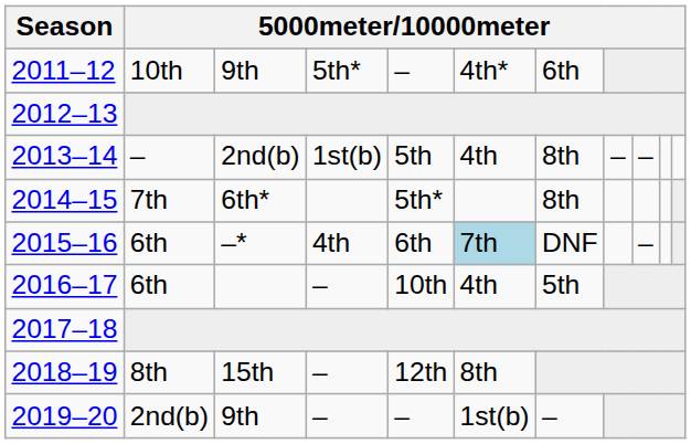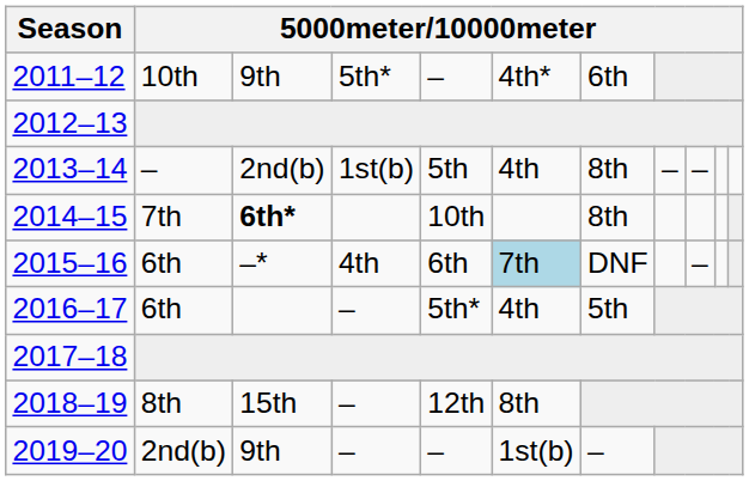 <table class="wikitable" style="display: inline-table;">
 <tr>
 <th>Season</th>
 <th colspan="14">5000meter/10000meter</th>
 </tr>
 <tr>
 <td><a href='#'>2011–12</a></td>
 <td>10th</td>
 <td>9th</td>
 <td>5th*</td>
 <td>–</td>
 <td>4th*</td>
 <td>6th</td>
 <td colspan="4" bgcolor=#EEEEEE></td>
 </tr>
 <tr>
 <td><a href='#'>2012–13</a></td>
 <td colspan="10" bgcolor=#EEEEEE></td>
 </tr>
 <tr>
 <td><a href='#'>2013–14</a></td>
 <td>–</td>
 <td>2nd(b)</td>
 <td>1st(b)</td>
 <td>5th</td>
 <td>4th</td>
 <td>8th</td>
 <td>–</td>
 <td>–</td>
 <td></td>
 <td></td>
 </tr>
 <tr>
 <td><a href='#'>2014–15</a></td>
 <td>7th</td>
-<td>6th*</td>
+<td><strong>6th*</strong></td>
 <td></td>
-<td>5th*</td>
+<td>10th</td>
 <td></td>
 <td>8th</td>
 <td></td>
 <td></td>
 <td></td>
 <td colspan="1" bgcolor=#EEEEEE></td>
 </tr>
 <tr>
 <td><a href='#'>2015–16</a></td>
 <td>6th</td>
 <td>–*</td>
 <td>4th</td>
 <td>6th</td>
 <td style="background: lightblue;">7th</td>
 <td>DNF</td>
 <td></td>
 <td>–</td>
 <td></td>
 <td colspan="1" bgcolor=#EEEEEE></td>
 </tr>
 <tr>
 <td><a href='#'>2016–17</a></td>
 <td>6th</td>
 <td></td>
 <td>–</td>
-<td>10th</td>
+<td>5th*</td>
 <td>4th</td>
 <td>5th</td>
 <td colspan="4" bgcolor=#EEEEEE></td>
 </tr>
 <tr>
 <td><a href='#'>2017–18</a></td>
 <td colspan="10" bgcolor=#EEEEEE></td>
 </tr>
 <tr>
 <td><a href='#'>2018–19</a></td>
 <td>8th</td>
 <td>15th</td>
 <td>–</td>
 <td>12th</td>
 <td>8th</td>
 <td colspan="5" bgcolor=#EEEEEE></td>
 </tr>
 <tr>
 <td><a href='#'>2019–20</a></td>
 <td>2nd(b)</td>
 <td>9th</td>
 <td>–</td>
 <td>–</td>
 <td>1st(b)</td>
 <td>–</td>
 <td colspan="4" bgcolor=#EEEEEE></td>
 </tr>
 </table>
